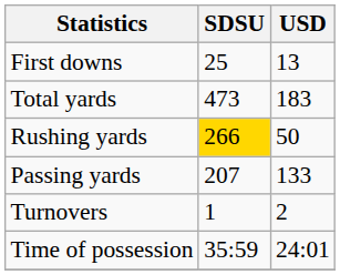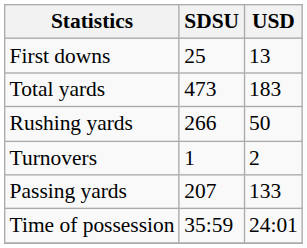 <table class="wikitable">
 <tr>
 <th>Statistics</th>
 <th>SDSU</th>
 <th>USD</th>
 </tr>
 <tr>
 <td>First downs</td>
 <td>25</td>
 <td>13</td>
 </tr>
 <tr>
 <td>Total yards</td>
 <td>473</td>
 <td>183</td>
 </tr>
 <tr>
 <td>Rushing yards</td>
-<td style="background: gold;">266</td>
+<td>266</td>
 <td>50</td>
+</tr>
+<tr>
+<td>Turnovers</td>
+<td>1</td>
+<td>2</td>
 </tr>
 <tr>
 <td>Passing yards</td>
 <td>207</td>
 <td>133</td>
-</tr>
-<tr>
-<td>Turnovers</td>
-<td>1</td>
-<td>2</td>
 </tr>
 <tr>
 <td>Time of possession</td>
 <td>35:59</td>
 <td>24:01</td>
 </tr>
 <tr>
 </tr>
 </table>
